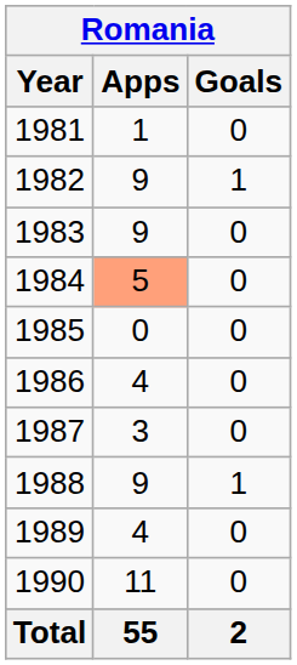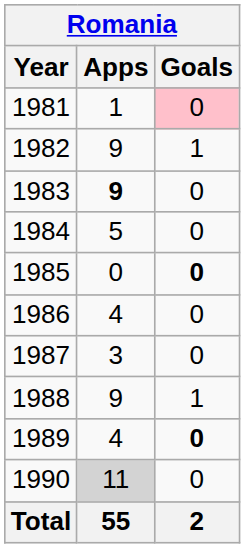 <table class="wikitable" style="text-align:center">
 <tr>
 <th colspan=3><a href='#'>Romania</a></th>
 </tr>
 <tr>
 <th>Year</th>
 <th>Apps</th>
 <th>Goals</th>
 </tr>
 <tr>
 <td>1981</td>
 <td>1</td>
-<td>0</td>
+<td style="background: pink;">0</td>
 </tr>
 <tr>
 <td>1982</td>
 <td>9</td>
 <td>1</td>
 </tr>
 <tr>
 <td>1983</td>
-<td>9</td>
+<td><strong>9</strong></td>
 <td>0</td>
 </tr>
 <tr>
 <td>1984</td>
-<td style="background: lightsalmon;">5</td>
+<td>5</td>
 <td>0</td>
 </tr>
 <tr>
 <td>1985</td>
 <td>0</td>
-<td>0</td>
+<td><strong>0</strong></td>
 </tr>
 <tr>
 <td>1986</td>
 <td>4</td>
 <td>0</td>
 </tr>
 <tr>
 <td>1987</td>
 <td>3</td>
 <td>0</td>
 </tr>
 <tr>
 <td>1988</td>
 <td>9</td>
 <td>1</td>
 </tr>
 <tr>
 <td>1989</td>
 <td>4</td>
-<td>0</td>
+<td><strong>0</strong></td>
 </tr>
 <tr>
 <td>1990</td>
-<td>11</td>
+<td style="background: lightgrey;">11</td>
 <td>0</td>
 </tr>
 <tr>
 <th>Total</th>
 <th>55</th>
 <th>2</th>
 </tr>
 </table>
